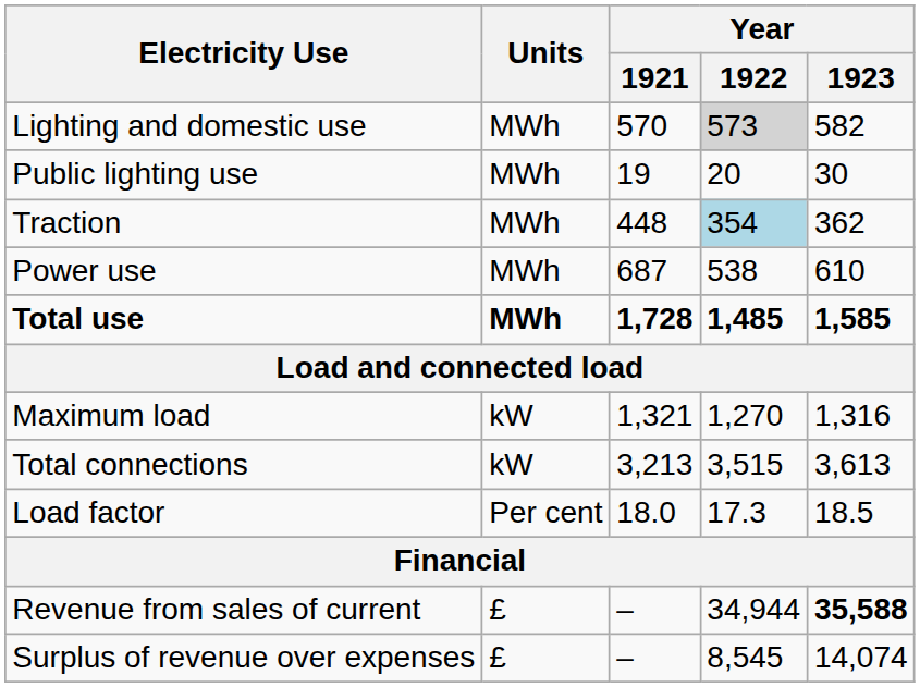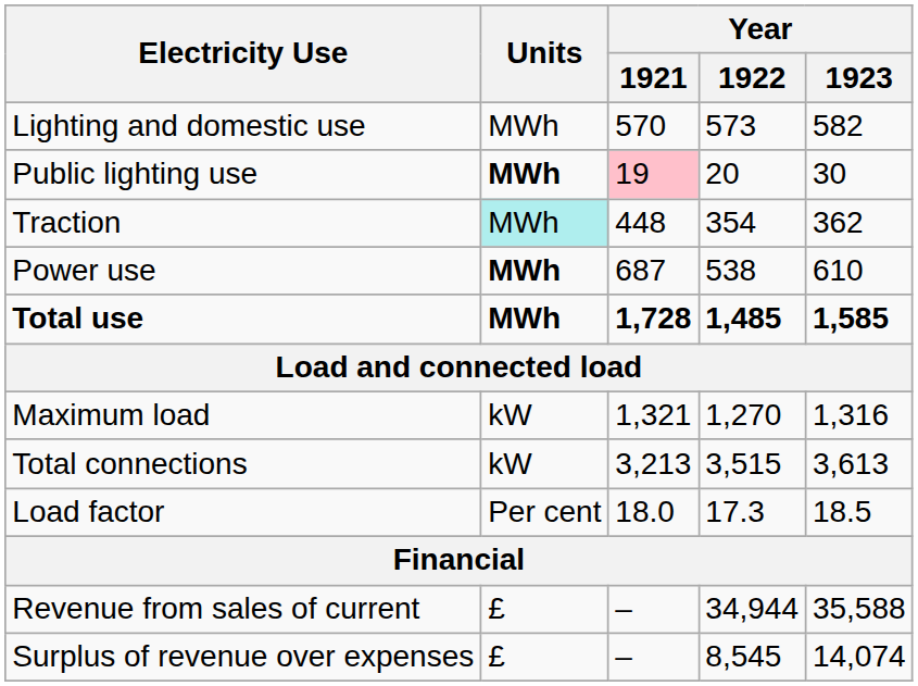 <table class="wikitable">
 <tr>
 <th rowspan="2">Electricity  Use</th>
 <th rowspan="2">Units</th>
 <th colspan="3">Year</th>
 </tr>
 <tr>
 <th>1921</th>
 <th>1922</th>
 <th>1923</th>
 </tr>
 <tr>
 <td>Lighting  and domestic use</td>
 <td>MWh</td>
 <td>570</td>
-<td style="background: lightgrey;">573</td>
+<td>573</td>
 <td>582</td>
 </tr>
 <tr>
 <td>Public  lighting use</td>
-<td>MWh</td>
-<td>19</td>
+<td><strong>MWh</strong></td>
+<td style="background: pink;">19</td>
 <td>20</td>
 <td>30</td>
 </tr>
 <tr>
 <td>Traction</td>
-<td>MWh</td>
+<td style="background: paleturquoise;">MWh</td>
 <td>448</td>
-<td style="background: lightblue;">354</td>
+<td>354</td>
 <td>362</td>
 </tr>
 <tr>
 <td>Power  use</td>
-<td>MWh</td>
+<td><strong>MWh</strong></td>
 <td>687</td>
 <td>538</td>
 <td>610</td>
 </tr>
 <tr>
 <td><strong>Total  use</strong></td>
 <td><strong>MWh</strong></td>
 <td><strong>1,728</strong></td>
 <td><strong>1,485</strong></td>
 <td><strong>1,585</strong></td>
 </tr>
 <tr>
 <th colspan="5">Load  and connected load</th>
 </tr>
 <tr>
 <td>Maximum  load</td>
 <td>kW</td>
 <td>1,321</td>
 <td>1,270</td>
 <td>1,316</td>
 </tr>
 <tr>
 <td>Total  connections</td>
 <td>kW</td>
 <td>3,213</td>
 <td>3,515</td>
 <td>3,613</td>
 </tr>
 <tr>
 <td>Load  factor</td>
 <td>Per  cent</td>
 <td>18.0</td>
 <td>17.3</td>
 <td>18.5</td>
 </tr>
 <tr>
 <th colspan="5">Financial</th>
 </tr>
 <tr>
 <td>Revenue  from sales of current</td>
 <td>£</td>
 <td>–</td>
 <td>34,944</td>
-<td><strong>35,588</strong></td>
+<td>35,588</td>
 </tr>
 <tr>
 <td>Surplus  of revenue over expenses</td>
 <td>£</td>
 <td>–</td>
 <td>8,545</td>
 <td>14,074</td>
 </tr>
 </table>
